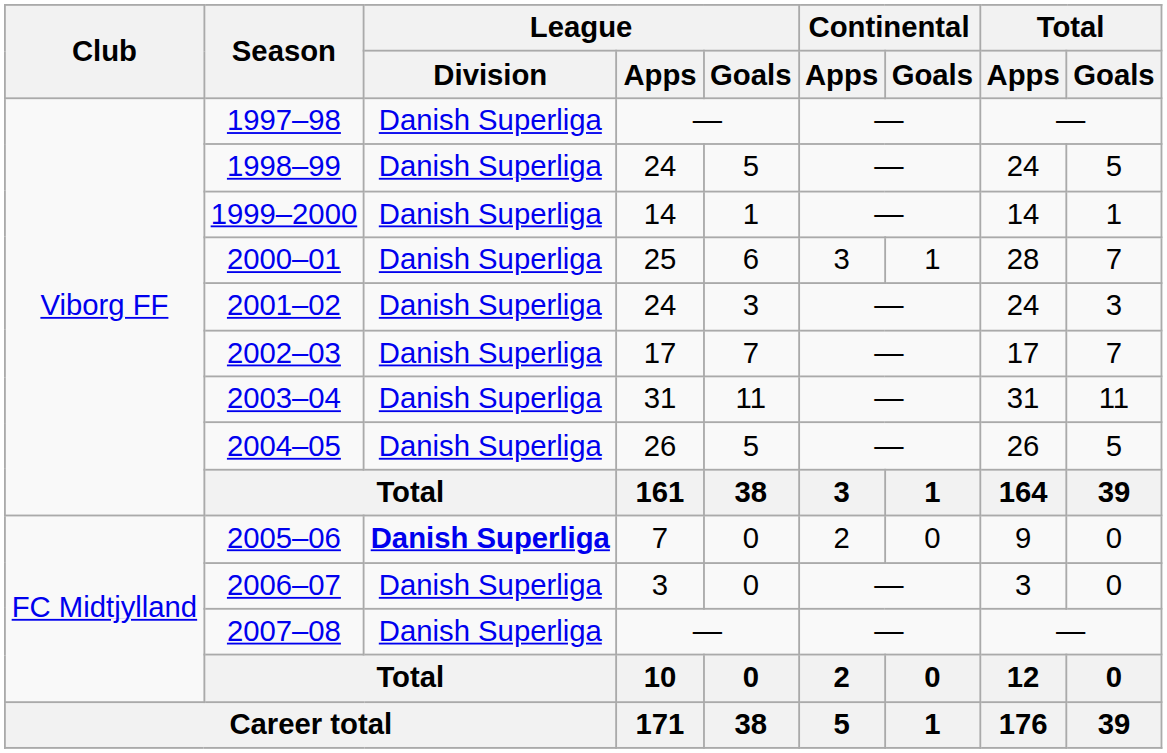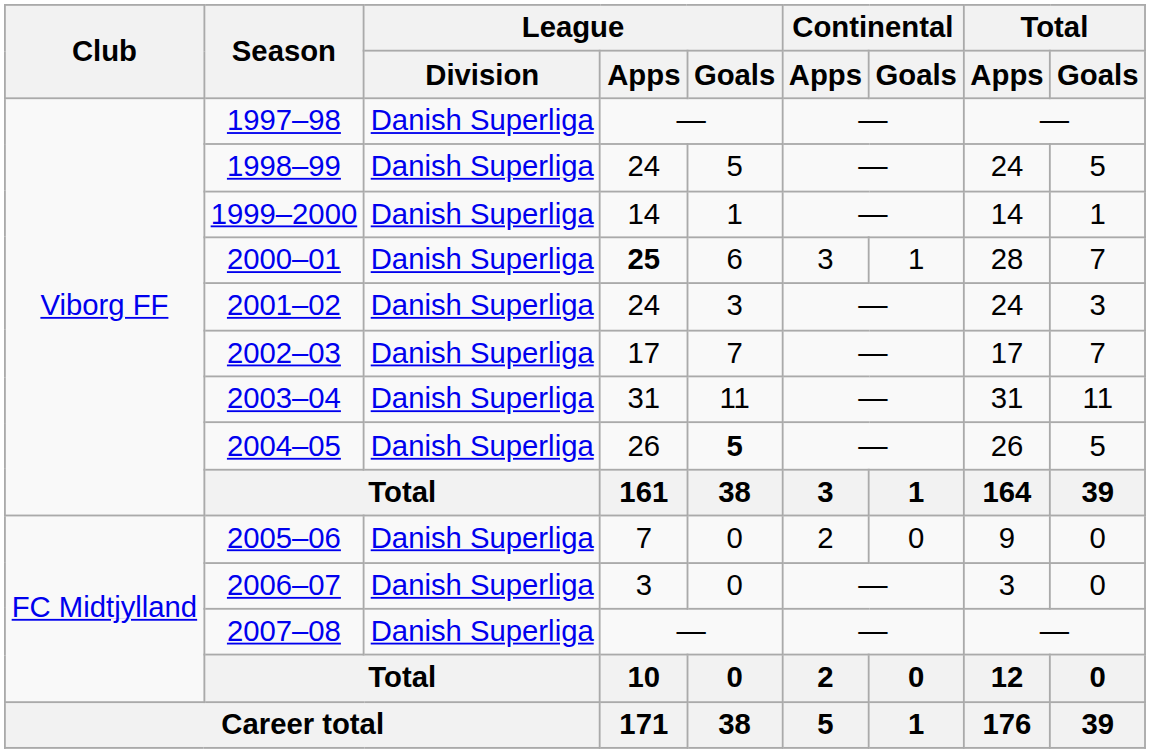 <table class=wikitable style=text-align:center>
 <tr>
 <th rowspan=2>Club</th>
 <th rowspan=2>Season</th>
 <th colspan=3>League</th>
 <th colspan=2>Continental</th>
 <th colspan=2>Total</th>
 </tr>
 <tr>
 <th>Division</th>
 <th>Apps</th>
 <th>Goals</th>
 <th>Apps</th>
 <th>Goals</th>
 <th>Apps</th>
 <th>Goals</th>
 </tr>
 <tr>
 <td rowspan=9><a href='#'>Viborg FF</a></td>
 <td><a href='#'>1997–98</a></td>
 <td><a href='#'>Danish Superliga</a></td>
 <td colspan=2>—</td>
 <td colspan=2>—</td>
 <td colspan=2>—</td>
 </tr>
 <tr>
 <td><a href='#'>1998–99</a></td>
 <td><a href='#'>Danish Superliga</a></td>
 <td>24</td>
 <td>5</td>
 <td colspan=2>—</td>
 <td>24</td>
 <td>5</td>
 </tr>
 <tr>
 <td><a href='#'>1999–2000</a></td>
 <td><a href='#'>Danish Superliga</a></td>
 <td>14</td>
 <td>1</td>
 <td colspan=2>—</td>
 <td>14</td>
 <td>1</td>
 </tr>
 <tr>
 <td><a href='#'>2000–01</a></td>
 <td><a href='#'>Danish Superliga</a></td>
-<td>25</td>
+<td><strong>25</strong></td>
 <td>6</td>
 <td>3</td>
 <td>1</td>
 <td>28</td>
 <td>7</td>
 </tr>
 <tr>
 <td><a href='#'>2001–02</a></td>
 <td><a href='#'>Danish Superliga</a></td>
 <td>24</td>
 <td>3</td>
 <td colspan=2>—</td>
 <td>24</td>
 <td>3</td>
 </tr>
 <tr>
 <td><a href='#'>2002–03</a></td>
 <td><a href='#'>Danish Superliga</a></td>
 <td>17</td>
 <td>7</td>
 <td colspan=2>—</td>
 <td>17</td>
 <td>7</td>
 </tr>
 <tr>
 <td><a href='#'>2003–04</a></td>
 <td><a href='#'>Danish Superliga</a></td>
 <td>31</td>
 <td>11</td>
 <td colspan=2>—</td>
 <td>31</td>
 <td>11</td>
 </tr>
 <tr>
 <td><a href='#'>2004–05</a></td>
 <td><a href='#'>Danish Superliga</a></td>
 <td>26</td>
-<td>5</td>
+<td><strong>5</strong></td>
 <td colspan=2>—</td>
 <td>26</td>
 <td>5</td>
 </tr>
 <tr>
 <th colspan=2>Total</th>
 <th>161</th>
 <th>38</th>
 <th>3</th>
 <th>1</th>
 <th>164</th>
 <th>39</th>
 </tr>
 <tr>
 <td rowspan=4><a href='#'>FC Midtjylland</a></td>
 <td><a href='#'>2005–06</a></td>
-<td><strong><a href='#'>Danish Superliga</a></strong></td>
+<td><a href='#'>Danish Superliga</a></td>
 <td>7</td>
 <td>0</td>
 <td>2</td>
 <td>0</td>
 <td>9</td>
 <td>0</td>
 </tr>
 <tr>
 <td><a href='#'>2006–07</a></td>
 <td><a href='#'>Danish Superliga</a></td>
 <td>3</td>
 <td>0</td>
 <td colspan=2>—</td>
 <td>3</td>
 <td>0</td>
 </tr>
 <tr>
 <td><a href='#'>2007–08</a></td>
 <td><a href='#'>Danish Superliga</a></td>
 <td colspan=2>—</td>
 <td colspan=2>—</td>
 <td colspan=2>—</td>
 </tr>
 <tr>
 <th colspan=2>Total</th>
 <th>10</th>
 <th>0</th>
 <th>2</th>
 <th>0</th>
 <th>12</th>
 <th>0</th>
 </tr>
 <tr>
 <th colspan=3>Career total</th>
 <th>171</th>
 <th>38</th>
 <th>5</th>
 <th>1</th>
 <th>176</th>
 <th>39</th>
 </tr>
 </table>
